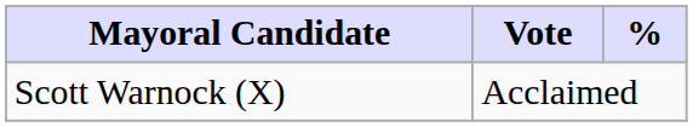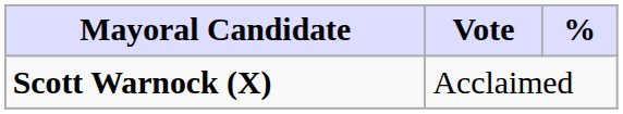 <table class="wikitable">
 <tr>
 <th style="background:#ddf; width:200px;">Mayoral Candidate </th>
 <th style="background:#ddf; width:50px;">Vote</th>
 <th style="background:#ddf; width:30px;">%</th>
 </tr>
 <tr>
-<td>Scott Warnock (X)</td>
+<td><strong>Scott Warnock (X)</strong></td>
 <td colspan="2">Acclaimed</td>
 </tr>
 </table>
